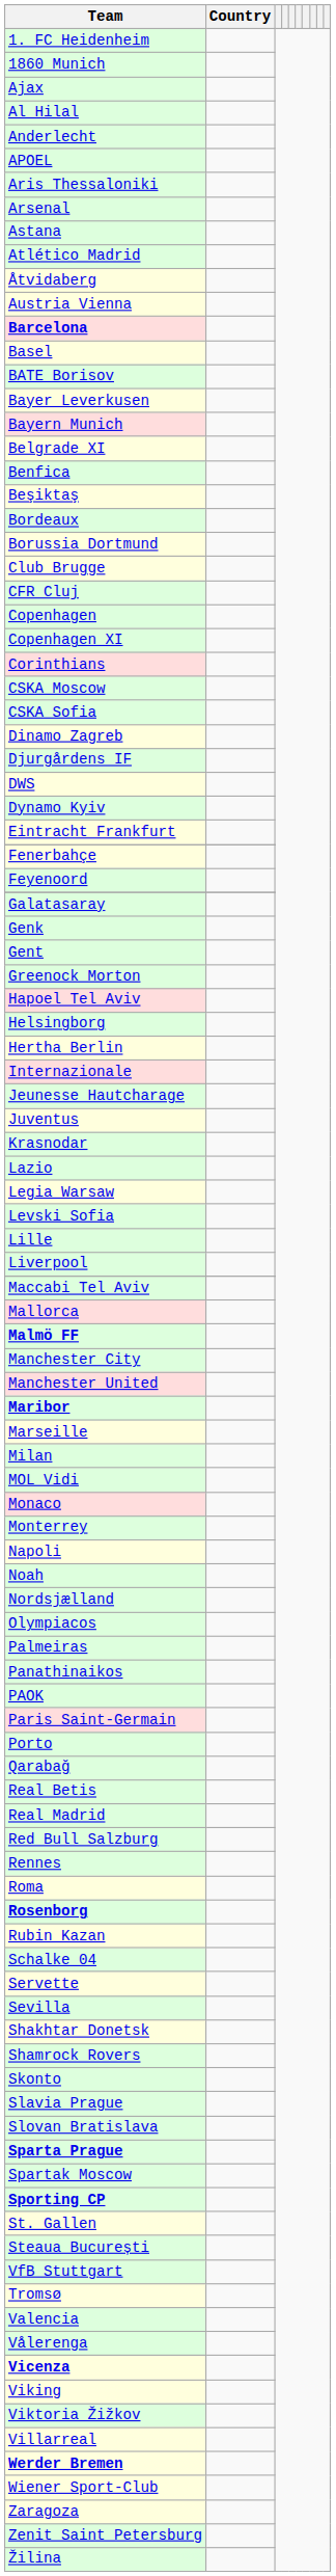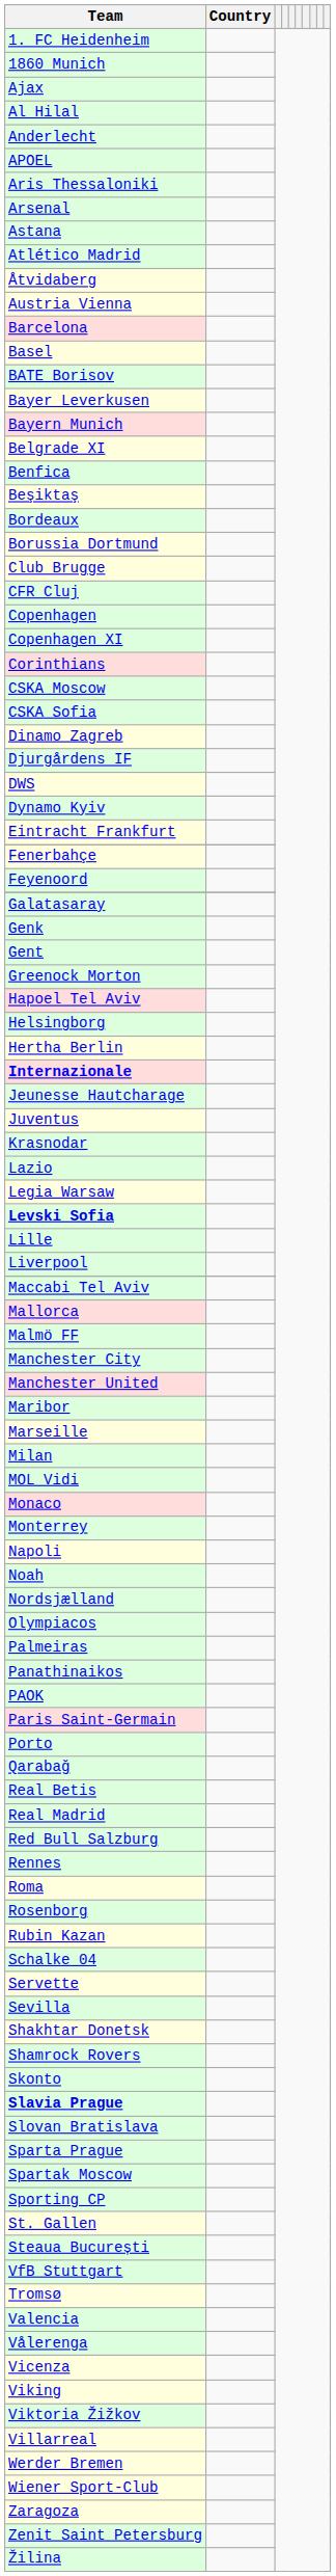 <table class="wikitable sortable sticky-header sort-under" style="text-align:center">
 <tr>
 <th>Team</th>
 <th>Country</th>
 <th></th>
 <th></th>
 <th></th>
 <th></th>
 <th></th>
 <th></th>
 <th></th>
 <th></th>
 </tr>
 <tr>
 <td style="background:#DFD;" align=left><a href='#'>1. FC Heidenheim</a></td>
 <td align=left><br></td>
 </tr>
 <tr>
 <td style="background:#DFD;" align=left><a href='#'>1860 Munich</a></td>
 <td align=left><br></td>
 </tr>
 <tr>
 <td style="background:#DFD;" align=left><a href='#'>Ajax</a></td>
 <td align=left><br></td>
 </tr>
 <tr>
 <td style="background:#DFD;" align=left><a href='#'>Al Hilal</a></td>
 <td align=left><br></td>
 </tr>
 <tr>
 <td style="background:#DFD;" align=left><a href='#'>Anderlecht</a></td>
 <td align=left><br></td>
 </tr>
 <tr>
 <td style="background:#DFD;" align=left><a href='#'>APOEL</a></td>
 <td align=left><br></td>
 </tr>
 <tr>
 <td style="background:#DFD;" align=left><a href='#'>Aris Thessaloniki</a></td>
 <td align=left><br></td>
 </tr>
 <tr>
 <td style="background:#DFD;" align=left><a href='#'>Arsenal</a></td>
 <td align=left><br></td>
 </tr>
 <tr>
 <td style="background:#DFD;" align=left><a href='#'>Astana</a></td>
 <td align=left><br></td>
 </tr>
 <tr>
 <td style="background:#DFD;" align=left><a href='#'>Atlético Madrid</a></td>
 <td align=left><br></td>
 </tr>
 <tr>
 <td style="background:#FFD;" align=left><a href='#'>Åtvidaberg</a></td>
 <td align=left><br></td>
 </tr>
 <tr>
 <td style="background:#FFD;" align=left><a href='#'>Austria Vienna</a></td>
 <td align=left><br></td>
 </tr>
 <tr>
-<td style="background:#FDD;" align=left><strong><a href='#'>Barcelona</a></strong></td>
+<td style="background:#FDD;" align=left><a href='#'>Barcelona</a></td>
 <td align=left><br></td>
 </tr>
 <tr>
 <td style="background:#FFD;" align=left><a href='#'>Basel</a></td>
 <td align=left><br></td>
 </tr>
 <tr>
 <td style="background:#DFD;" align=left><a href='#'>BATE Borisov</a></td>
 <td align=left><br></td>
 </tr>
 <tr>
 <td style="background:#FFD;" align=left><a href='#'>Bayer Leverkusen</a></td>
 <td align=left><br></td>
 </tr>
 <tr>
 <td style="background:#FDD;" align=left><a href='#'>Bayern Munich</a></td>
 <td align=left><br></td>
 </tr>
 <tr>
 <td style="background:#FFD;" align=left><a href='#'>Belgrade XI</a></td>
 <td align=left><br></td>
 </tr>
 <tr>
 <td style="background:#DFD;" align=left><a href='#'>Benfica</a></td>
 <td align=left><br></td>
 </tr>
 <tr>
 <td style="background:#FFD;" align=left><a href='#'>Beşiktaş</a></td>
 <td align=left><br></td>
 </tr>
 <tr>
 <td style="background:#DFD;" align=left><a href='#'>Bordeaux</a></td>
 <td align=left><br></td>
 </tr>
 <tr>
 <td style="background:#FFD;" align=left><a href='#'>Borussia Dortmund</a></td>
 <td align=left><br></td>
 </tr>
 <tr>
 <td style="background:#FFD;" align=left><a href='#'>Club Brugge</a></td>
 <td align=left><br></td>
 </tr>
 <tr>
 <td style="background:#DFD;" align=left><a href='#'>CFR Cluj</a></td>
 <td align=left><br></td>
 </tr>
 <tr>
 <td style="background:#DFD;" align=left><a href='#'>Copenhagen</a></td>
 <td align=left><br></td>
 </tr>
 <tr>
 <td style="background:#DFD;" align=left><a href='#'>Copenhagen XI</a></td>
 <td align=left><br></td>
 </tr>
 <tr>
 <td style="background:#FDD;" align=left><a href='#'>Corinthians</a></td>
 <td align=left><br></td>
 </tr>
 <tr>
 <td style="background:#DFD;" align=left><a href='#'>CSKA Moscow</a></td>
 <td align=left><br></td>
 </tr>
 <tr>
 <td style="background:#DFD;" align=left><a href='#'>CSKA Sofia</a></td>
 <td align=left><br></td>
 </tr>
 <tr>
 <td style="background:#FFD;" align=left><a href='#'>Dinamo Zagreb</a></td>
 <td align=left><br></td>
 </tr>
 <tr>
 <td style="background:#DFD;" align=left><a href='#'>Djurgårdens IF</a></td>
 <td align=left><br></td>
 </tr>
 <tr>
 <td style="background:#FFD;" align=left><a href='#'>DWS</a></td>
 <td align=left><br></td>
 </tr>
 <tr>
 <td style="background:#DFD;" align=left><a href='#'>Dynamo Kyiv</a></td>
 <td align=left><br></td>
 </tr>
 <tr>
 <td style="background:#FFD;" align=left><a href='#'>Eintracht Frankfurt</a></td>
 <td align=left><br></td>
 </tr>
 <tr>
 </tr>
 <tr>
 <td style="background:#FFD;" align=left><a href='#'>Fenerbahçe</a></td>
 <td align=left><br></td>
 </tr>
 <tr>
 <td style="background:#DFD;" align=left><a href='#'>Feyenoord</a></td>
 <td align=left><br></td>
 </tr>
 <tr>
 </tr>
 <tr>
 <td style="background:#DFD;" align=left><a href='#'>Galatasaray</a></td>
 <td align=left><br></td>
 </tr>
 <tr>
 <td style="background:#DFD;" align=left><a href='#'>Genk</a></td>
 <td align=left><br></td>
 </tr>
 <tr>
 <td style="background:#DFD;" align=left><a href='#'>Gent</a></td>
 <td align=left><br></td>
 </tr>
 <tr>
 <td style="background:#DFD;" align=left><a href='#'>Greenock Morton</a></td>
 <td align=left><br></td>
 </tr>
 <tr>
 <td style="background:#FDD;" align=left><a href='#'>Hapoel Tel Aviv</a></td>
 <td align=left><br></td>
 </tr>
 <tr>
 <td style="background:#DFD;" align=left><a href='#'>Helsingborg</a></td>
 <td align=left><br></td>
 </tr>
 <tr>
 <td style="background:#FFD;" align=left><a href='#'>Hertha Berlin</a></td>
 <td align=left><br></td>
 </tr>
 <tr>
-<td style="background:#FDD;" align=left><a href='#'>Internazionale</a></td>
+<td style="background:#FDD;" align=left><strong><a href='#'>Internazionale</a></strong></td>
 <td align=left><br></td>
 </tr>
 <tr>
 <td style="background:#DFD;" align=left><a href='#'>Jeunesse Hautcharage</a></td>
 <td align=left><br></td>
 </tr>
 <tr>
 <td style="background:#FFD;" align=left><a href='#'>Juventus</a></td>
 <td align=left><br></td>
 </tr>
 <tr>
 <td style="background:#DFD;" align=left><a href='#'>Krasnodar</a></td>
 <td align=left><br></td>
 </tr>
 <tr>
 <td style="background:#DFD;" align=left><a href='#'>Lazio</a></td>
 <td align=left><br></td>
 </tr>
 <tr>
 <td style="background:#FFD;" align=left><a href='#'>Legia Warsaw</a></td>
 <td align=left><br></td>
 </tr>
 <tr>
-<td style="background:#DFD;" align=left><a href='#'>Levski Sofia</a></td>
+<td style="background:#DFD;" align=left><strong><a href='#'>Levski Sofia</a></strong></td>
 <td align=left><br></td>
 </tr>
 <tr>
 <td style="background:#DFD;" align=left><a href='#'>Lille</a></td>
 <td align=left><br></td>
 </tr>
 <tr>
 <td style="background:#DFD;" align=left><a href='#'>Liverpool</a></td>
 <td align=left><br></td>
 </tr>
 <tr>
 </tr>
 <tr>
 <td style="background:#DFD;" align=left><a href='#'>Maccabi Tel Aviv</a></td>
 <td align=left><br></td>
 </tr>
 <tr>
 <td style="background:#FDD;" align=left><a href='#'>Mallorca</a></td>
 <td align=left><br></td>
 </tr>
 <tr>
-<td style="background:#DFD;" align=left><strong><a href='#'>Malmö FF</a></strong></td>
+<td style="background:#DFD;" align=left><a href='#'>Malmö FF</a></td>
 <td align=left><br></td>
 </tr>
 <tr>
 <td style="background:#DFD;" align=left><a href='#'>Manchester City</a></td>
 <td align=left><br></td>
 </tr>
 <tr>
 <td style="background:#FDD;" align=left><a href='#'>Manchester United</a></td>
 <td align=left><br></td>
 </tr>
 <tr>
-<td style="background:#DFD;" align=left><strong><a href='#'>Maribor</a></strong></td>
+<td style="background:#DFD;" align=left><a href='#'>Maribor</a></td>
 <td align=left><br></td>
 </tr>
 <tr>
 <td style="background:#FFD;" align=left><a href='#'>Marseille</a></td>
 <td align=left><br></td>
 </tr>
 <tr>
 <td style="background:#DFD;" align=left><a href='#'>Milan</a></td>
 <td align=left><br></td>
 </tr>
 <tr>
 <td style="background:#DFD;" align=left><a href='#'>MOL Vidi</a></td>
 <td align=left><br></td>
 </tr>
 <tr>
 <td style="background:#FDD;" align=left><a href='#'>Monaco</a></td>
 <td align=left><br></td>
 </tr>
 <tr>
 <td style="background:#DFD;" align=left><a href='#'>Monterrey</a></td>
 <td align=left><br></td>
 </tr>
 <tr>
 <td style="background:#FFD;" align=left><a href='#'>Napoli</a></td>
 <td align=left><br></td>
 </tr>
 <tr>
 <td style="background:#DFD;" align=left><a href='#'>Noah</a></td>
 <td align=left><br></td>
 </tr>
 <tr>
 <td style="background:#DFD;" align=left><a href='#'>Nordsjælland</a></td>
 <td align=left><br></td>
 </tr>
 <tr>
 <td style="background:#DFD;" align=left><a href='#'>Olympiacos</a></td>
 <td align=left><br></td>
 </tr>
 <tr>
 <td style="background:#DFD;" align=left><a href='#'>Palmeiras</a></td>
 <td align=left><br></td>
 </tr>
 <tr>
 <td style="background:#DFD;" align=left><a href='#'>Panathinaikos</a></td>
 <td align=left><br></td>
 </tr>
 <tr>
 <td style="background:#DFD;" align=left><a href='#'>PAOK</a></td>
 <td align=left><br></td>
 </tr>
 <tr>
 <td style="background:#FDD;" align=left><a href='#'>Paris Saint-Germain</a></td>
 <td align=left><br></td>
 </tr>
 <tr>
 <td style="background:#DFD;" align=left><a href='#'>Porto</a></td>
 <td align=left><br></td>
 </tr>
 <tr>
 <td style="background:#DFD;" align=left><a href='#'>Qarabağ</a></td>
 <td align=left><br></td>
 </tr>
 <tr>
 <td style="background:#DFD;" align=left><a href='#'>Real Betis</a></td>
 <td align=left><br></td>
 </tr>
 <tr>
 <td style="background:#DFD;" align=left><a href='#'>Real Madrid</a></td>
 <td align=left><br></td>
 </tr>
 <tr>
 <td style="background:#DFD;" align=left><a href='#'>Red Bull Salzburg</a></td>
 <td align=left><br></td>
 </tr>
 <tr>
 <td style="background:#DFD;" align=left><a href='#'>Rennes</a></td>
 <td align=left><br></td>
 </tr>
 <tr>
 <td style="background:#FFD;" align=left><a href='#'>Roma</a></td>
 <td align=left><br></td>
 </tr>
 <tr>
-<td style="background:#DFD;" align=left><strong><a href='#'>Rosenborg</a></strong></td>
+<td style="background:#DFD;" align=left><a href='#'>Rosenborg</a></td>
 <td align=left><br></td>
 </tr>
 <tr>
 <td style="background:#FFD;" align=left><a href='#'>Rubin Kazan</a></td>
 <td align=left><br></td>
 </tr>
 <tr>
 <td style="background:#DFD;" align=left><a href='#'>Schalke 04</a></td>
 <td align=left><br></td>
 </tr>
 <tr>
 <td style="background:#FFD;" align=left><a href='#'>Servette</a></td>
 <td align=left><br></td>
 </tr>
 <tr>
 <td style="background:#DFD;" align=left><a href='#'>Sevilla</a></td>
 <td align=left><br></td>
 </tr>
 <tr>
 <td style="background:#FFD;" align=left><a href='#'>Shakhtar Donetsk</a></td>
 <td align=left><br></td>
 </tr>
 <tr>
 <td style="background:#DFD;" align=left><a href='#'>Shamrock Rovers</a></td>
 <td align=left><br></td>
 </tr>
 <tr>
 <td style="background:#DFD;" align=left><a href='#'>Skonto</a></td>
 <td align=left><br></td>
 </tr>
 <tr>
-<td style="background:#DFD;" align=left><a href='#'>Slavia Prague</a></td>
+<td style="background:#DFD;" align=left><strong><a href='#'>Slavia Prague</a></strong></td>
 <td align=left><br></td>
 </tr>
 <tr>
 <td style="background:#DFD;" align=left><a href='#'>Slovan Bratislava</a></td>
 <td align=left><br></td>
 </tr>
 <tr>
-<td style="background:#DFD;" align=left><strong><a href='#'>Sparta Prague</a></strong></td>
+<td style="background:#DFD;" align=left><a href='#'>Sparta Prague</a></td>
 <td align=left><br></td>
 </tr>
 <tr>
 <td style="background:#DFD;" align=left><a href='#'>Spartak Moscow</a></td>
 <td align=left><br></td>
 </tr>
 <tr>
-<td style="background:#DFD;" align=left><strong><a href='#'>Sporting CP</a></strong></td>
+<td style="background:#DFD;" align=left><a href='#'>Sporting CP</a></td>
 <td align=left><br></td>
 </tr>
 <tr>
 <td style="background:#FFD;" align=left><a href='#'>St. Gallen</a></td>
 <td align=left><br></td>
 </tr>
 <tr>
 <td style="background:#DFD;" align=left><a href='#'>Steaua București</a></td>
 <td align=left><br></td>
 </tr>
 <tr>
 <td style="background:#DFD;" align=left><a href='#'>VfB Stuttgart</a></td>
 <td align=left><br></td>
 </tr>
 <tr>
 <td style="background:#FFD;" align=left><a href='#'>Tromsø</a></td>
 <td align=left><br></td>
 </tr>
 <tr>
 <td style="background:#DFD;" align=left><a href='#'>Valencia</a></td>
 <td align=left><br></td>
 </tr>
 <tr>
 <td style="background:#DFD;" align=left><a href='#'>Vålerenga</a></td>
 <td align=left><br></td>
 </tr>
 <tr>
-<td style="background:#FFD;" align=left><strong><a href='#'>Vicenza</a></strong></td>
+<td style="background:#FFD;" align=left><a href='#'>Vicenza</a></td>
 <td align=left><br></td>
 </tr>
 <tr>
 <td style="background:#FFD;" align=left><a href='#'>Viking</a></td>
 <td align=left><br></td>
 </tr>
 <tr>
 <td style="background:#DFD;" align=left><a href='#'>Viktoria Žižkov</a></td>
 <td align=left><br></td>
 </tr>
 <tr>
 <td style="background:#FFD;" align=left><a href='#'>Villarreal</a></td>
 <td align=left><br></td>
 </tr>
 <tr>
-<td style="background:#FFD;" align=left><strong><a href='#'>Werder Bremen</a></strong></td>
+<td style="background:#FFD;" align=left><a href='#'>Werder Bremen</a></td>
 <td align=left><br></td>
 </tr>
 <tr>
 <td style="background:#FFD;" align=left><a href='#'>Wiener Sport-Club</a></td>
 <td align=left><br></td>
 </tr>
 <tr>
 <td style="background:#FFD;" align=left><a href='#'>Zaragoza</a></td>
 <td align=left><br></td>
 </tr>
 <tr>
 <td style="background:#DFD;" align=left><a href='#'>Zenit Saint Petersburg</a></td>
 <td align=left><br></td>
 </tr>
 <tr>
 <td style="background:#DFD;" align=left><a href='#'>Žilina</a></td>
 <td align=left><br></td>
 </tr>
 <tr>
 </tr>
 </table>
